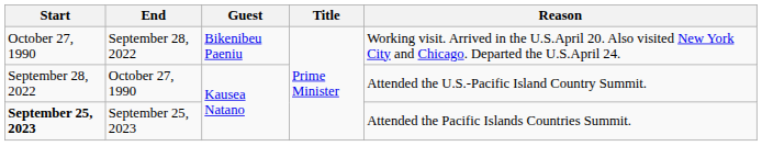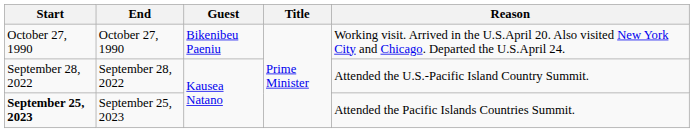 <table class="wikitable sortable">
 <tr>
 <th>Start</th>
 <th>End</th>
 <th>Guest</th>
 <th>Title</th>
 <th>Reason</th>
 </tr>
 <tr>
 <td>October 27, 1990</td>
-<td>September 28, 2022</td>
+<td>October 27, 1990</td>
 <td><a href='#'>Bikenibeu Paeniu</a></td>
 <td rowspan=3><a href='#'>Prime Minister</a></td>
 <td>Working visit. Arrived in the U.S.April 20. Also visited <a href='#'>New York City</a> and <a href='#'>Chicago</a>. Departed the U.S.April 24.</td>
 </tr>
 <tr>
 <td>September 28, 2022</td>
-<td>October 27, 1990</td>
+<td>September 28, 2022</td>
 <td rowspan=2><a href='#'>Kausea Natano</a></td>
 <td>Attended the U.S.-Pacific Island Country Summit.</td>
 </tr>
 <tr>
 <td><strong>September 25, 2023</strong></td>
 <td>September 25, 2023</td>
 <td>Attended the Pacific Islands Countries Summit.</td>
 </tr>
 </table>
